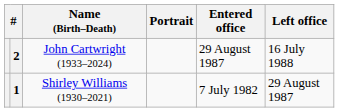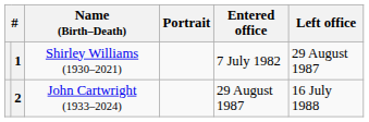 <table class="wikitable">
 <tr>
 <th colspan="2">#</th>
 <th width="150">Name<br><small>(Birth–Death)</small></th>
 <th>Portrait</th>
 <th width="80">Entered office</th>
 <th width="80">Left office</th>
 </tr>
 <tr>
 <th style="background:"></th>
+<th>1</th>
+<td style="text-align:center;"><a href='#'>Shirley Williams</a><br><small>(1930–2021)</small></td>
+<td></td>
+<td>7 July 1982</td>
+<td>29 August 1987</td>
+</tr>
+<tr>
+<th style="background:"></th>
 <th>2</th>
 <td style="text-align:center;"><a href='#'>John Cartwright</a><br><small>(1933–2024)</small></td>
 <td></td>
 <td>29 August 1987</td>
 <td>16 July 1988</td>
 </tr>
-<tr>
-<th style="background:"></th>
-<th>1</th>
-<td style="text-align:center;"><a href='#'>Shirley Williams</a><br><small>(1930–2021)</small></td>
-<td></td>
-<td>7 July 1982</td>
-<td>29 August 1987</td>
-</tr>
 </table>
